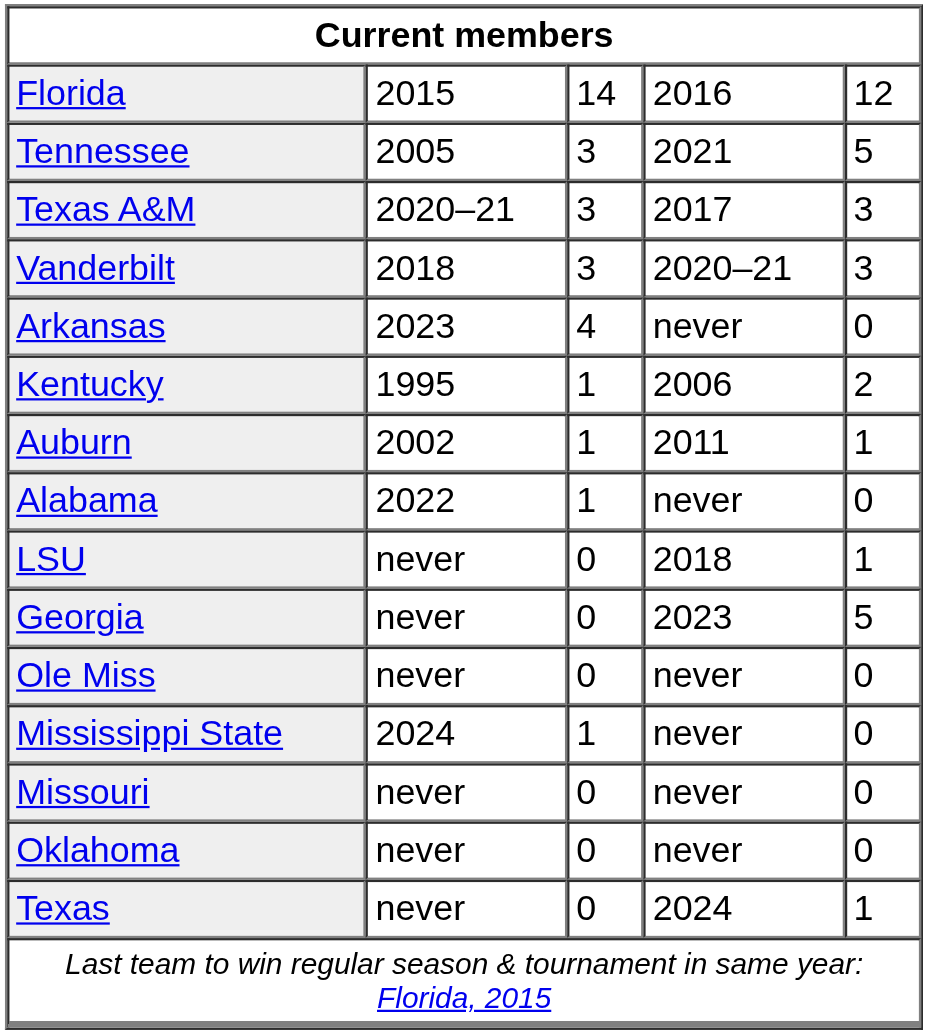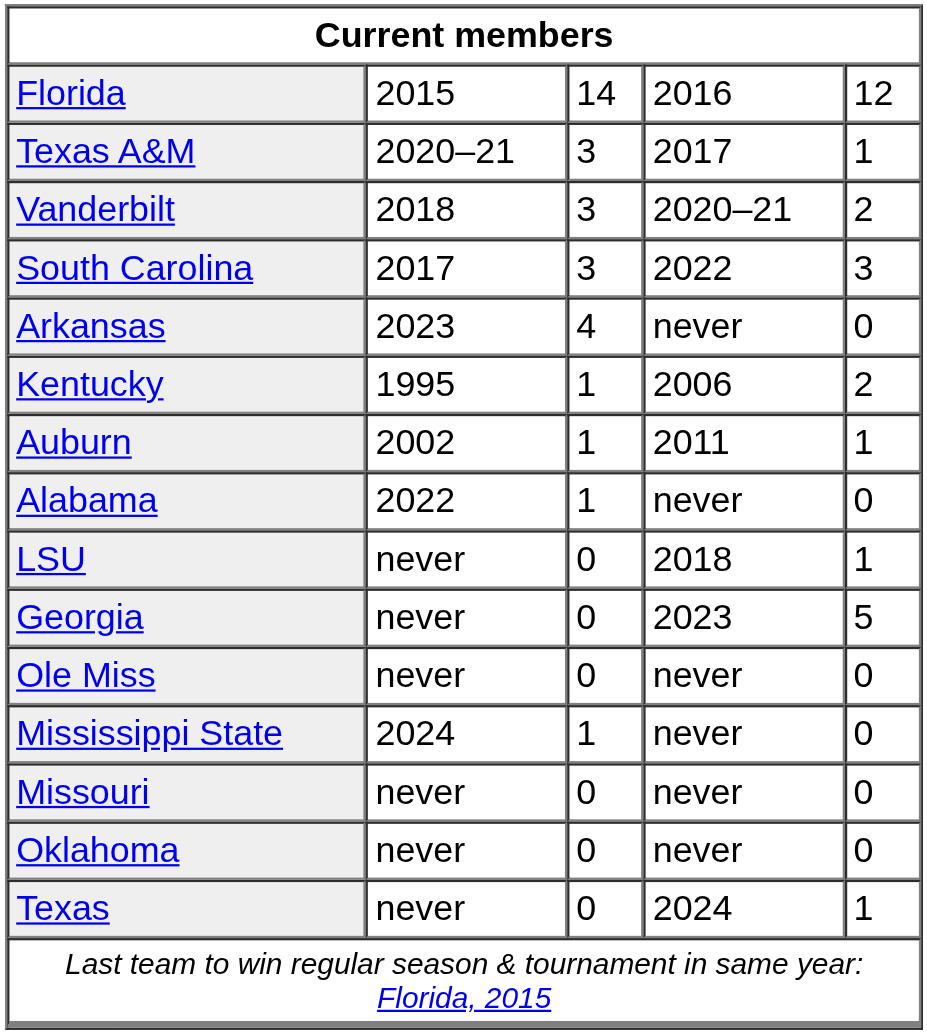 <table border="1" cellpadding="3" cellspacing="0" align="right" width="410px">
 <tr>
 </tr>
 <tr>
 <td colspan=5 align="center"><strong>Current members</strong></td>
 </tr>
 <tr>
 <td bgcolor="#efefef"><a href='#'>Florida</a></td>
 <td>2015</td>
 <td>14</td>
 <td>2016</td>
 <td>12</td>
 </tr>
 <tr>
-<td bgcolor="#efefef"><a href='#'>Tennessee</a></td>
-<td>2005</td>
-<td>3</td>
-<td>2021</td>
-<td>5</td>
-</tr>
-<tr>
 <td bgcolor="#efefef"><a href='#'>Texas A&M</a></td>
 <td>2020–21</td>
 <td>3</td>
 <td>2017</td>
-<td>3</td>
+<td>1</td>
 </tr>
 <tr>
 <td bgcolor="#efefef"><a href='#'>Vanderbilt</a></td>
 <td>2018</td>
 <td>3</td>
 <td>2020–21</td>
+<td>2</td>
+</tr>
+<tr>
+<td bgcolor="#efefef"><a href='#'>South Carolina</a></td>
+<td>2017</td>
+<td>3</td>
+<td>2022</td>
 <td>3</td>
 </tr>
 <tr>
 <td bgcolor=#efefef><a href='#'>Arkansas</a></td>
 <td>2023</td>
 <td>4</td>
 <td>never</td>
 <td>0</td>
 </tr>
 <tr>
 <td bgcolor="#efefef"><a href='#'>Kentucky</a></td>
 <td>1995</td>
 <td>1</td>
 <td>2006</td>
 <td>2</td>
 </tr>
 <tr>
 <td bgcolor="#efefef"><a href='#'>Auburn</a></td>
 <td>2002</td>
 <td>1</td>
 <td>2011</td>
 <td>1</td>
 </tr>
 <tr>
 <td bgcolor="#efefef"><a href='#'>Alabama</a></td>
 <td>2022</td>
 <td>1</td>
 <td>never</td>
 <td>0</td>
 </tr>
 <tr>
 <td bgcolor="#efefef"><a href='#'>LSU</a></td>
 <td>never</td>
 <td>0</td>
 <td>2018</td>
 <td>1</td>
 </tr>
 <tr>
 <td bgcolor=#efefef><a href='#'>Georgia</a></td>
 <td>never</td>
 <td>0</td>
 <td>2023</td>
 <td>5</td>
 </tr>
 <tr>
 <td bgcolor=#efefef><a href='#'>Ole Miss</a></td>
 <td>never</td>
 <td>0</td>
 <td>never</td>
 <td>0</td>
 </tr>
 <tr>
 <td bgcolor="#efefef"><a href='#'>Mississippi State</a></td>
 <td>2024</td>
 <td>1</td>
 <td>never</td>
 <td>0</td>
 </tr>
 <tr>
 <td bgcolor="#efefef"><a href='#'>Missouri</a></td>
 <td>never</td>
 <td>0</td>
 <td>never</td>
 <td>0</td>
 </tr>
 <tr>
 <td bgcolor="#efefef"><a href='#'>Oklahoma</a></td>
 <td>never</td>
 <td>0</td>
 <td>never</td>
 <td>0</td>
 </tr>
 <tr>
 <td bgcolor="#efefef"><a href='#'>Texas</a></td>
 <td>never</td>
 <td>0</td>
 <td>2024</td>
 <td>1</td>
 </tr>
 <tr>
 <td align="center" colspan=5 style="border-bottom:3px solid gray; font-size:smaller"><em>Last team to win regular season & tournament in same year: <a href='#'>Florida, 2015</a></em></td>
 </tr>
 </table>
